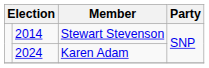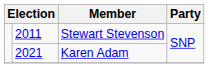 <table class="wikitable">
 <tr>
 <th colspan="2">Election</th>
 <th>Member</th>
 <th>Party</th>
 </tr>
 <tr>
 <td rowspan=2 style="background-color: "></td>
-<td><a href='#'>2014</a></td>
+<td><a href='#'>2011</a></td>
 <td><a href='#'>Stewart Stevenson</a></td>
 <td rowspan="2"><a href='#'>SNP</a></td>
 </tr>
 <tr>
-<td><a href='#'>2024</a></td>
+<td><a href='#'>2021</a></td>
 <td><a href='#'>Karen Adam</a></td>
 </tr>
 <tr>
 </tr>
 </table>
